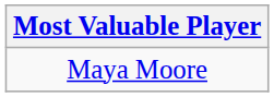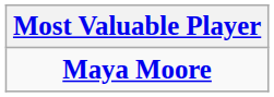 <table class=wikitable style="text-align:center; margin:auto">
 <tr>
 <th><a href='#'>Most Valuable Player</a></th>
 </tr>
 <tr>
-<td> <a href='#'>Maya Moore</a></td>
+<td><strong> <a href='#'>Maya Moore</a></strong></td>
 </tr>
 </table>
